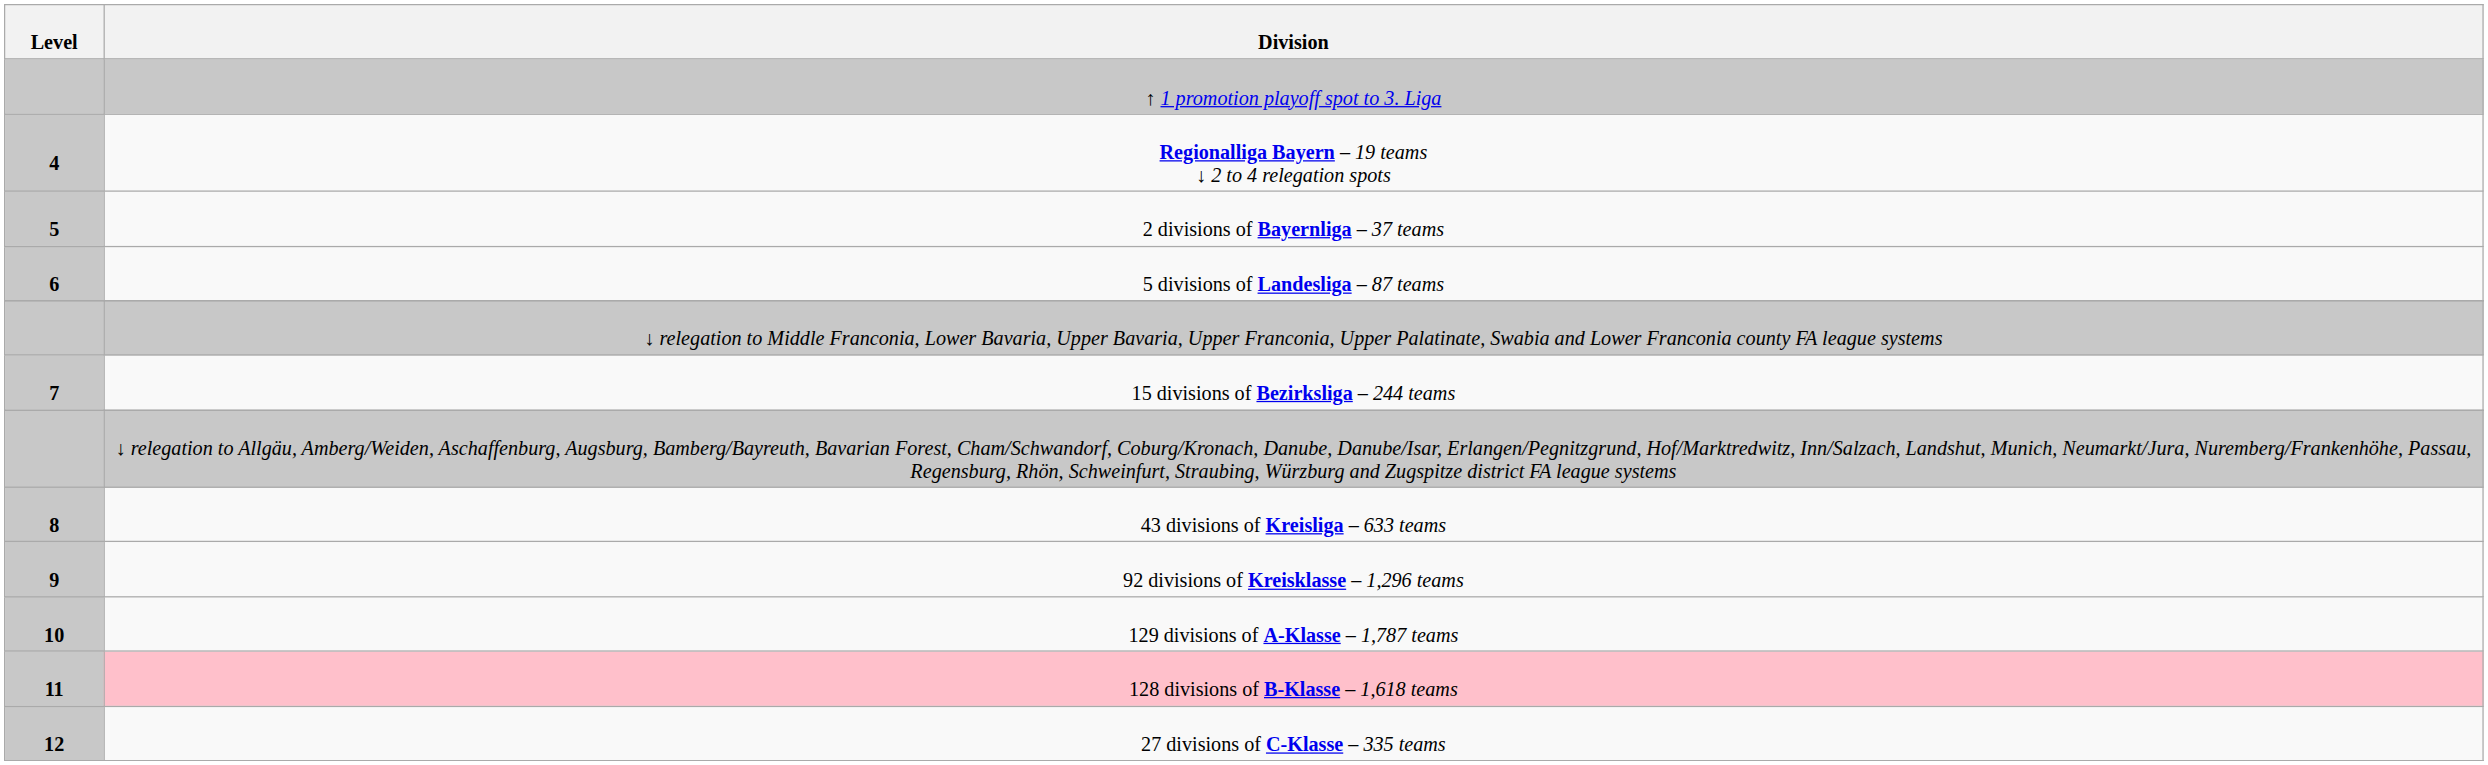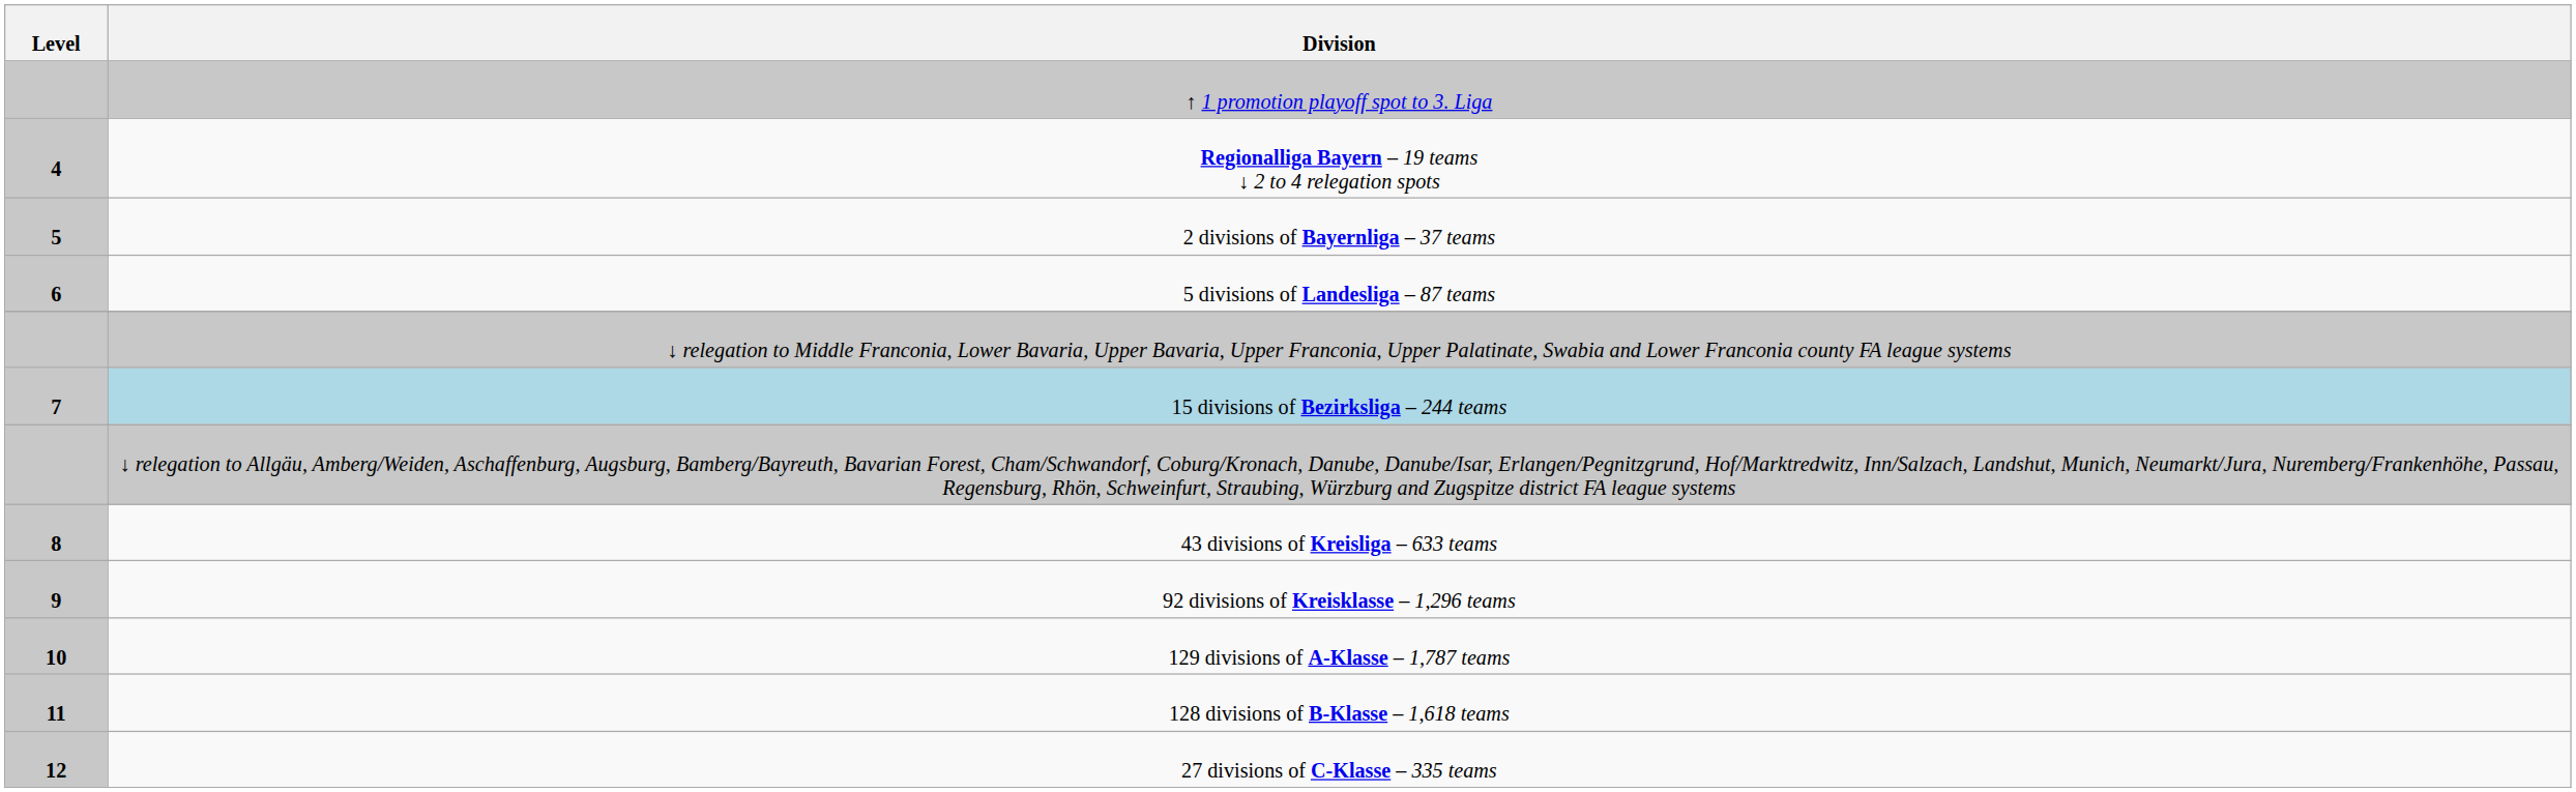 <table class="wikitable" style="text-align:center">
 <tr>
 <th colspan="1" width="4%"><br>Level</th>
 <th colspan="1"><br>Division</th>
 </tr>
 <tr style="background:#c8c8c8">
 <td colspan="1"></td>
 <td colspan="1"><br><em>↑ <a href='#'>1 promotion playoff spot to 3. Liga</a></em></td>
 </tr>
 <tr>
 <td colspan="1" style="background:#c8c8c8"><br><strong>4</strong></td>
 <td colspan="1"><br><strong><a href='#'>Regionalliga Bayern</a></strong> – <em>19 teams<br>↓ 2 to 4 relegation spots</em></td>
 </tr>
 <tr>
 <td colspan="1" style="background:#c8c8c8"><br><strong>5</strong></td>
 <td colspan="1"><br>2 divisions of <strong><a href='#'>Bayernliga</a></strong> – <em>37 teams</em></td>
 </tr>
 <tr>
 <td colspan="1" style="background:#c8c8c8"><br><strong>6</strong></td>
 <td colspan="1"><br>5 divisions of <strong><a href='#'>Landesliga</a></strong> – <em>87 teams</em></td>
 </tr>
 <tr>
 </tr>
 <tr style="background:#c8c8c8">
 <td colspan="1"></td>
 <td colspan="1"><br><em>↓ relegation to Middle Franconia, Lower Bavaria, Upper Bavaria, Upper Franconia, Upper Palatinate, Swabia and Lower Franconia county FA league systems</em></td>
 </tr>
 <tr>
 <td colspan="1" style="background:#c8c8c8"><br><strong>7</strong></td>
-<td colspan="1"><br>15 divisions of <strong><a href='#'>Bezirksliga</a></strong> – <em>244 teams</em></td>
+<td colspan="1" style="background: lightblue;"><br>15 divisions of <strong><a href='#'>Bezirksliga</a></strong> – <em>244 teams</em></td>
 </tr>
 <tr>
 </tr>
 <tr style="background:#c8c8c8">
 <td colspan="1"></td>
 <td colspan="1"><br><em>↓ relegation to Allgäu, Amberg/Weiden, Aschaffenburg, Augsburg, Bamberg/Bayreuth, Bavarian Forest, Cham/Schwandorf, Coburg/Kronach, Danube, Danube/Isar, Erlangen/Pegnitzgrund, Hof/Marktredwitz, Inn/Salzach, Landshut, Munich, Neumarkt/Jura, Nuremberg/Frankenhöhe, Passau, Regensburg, Rhön, Schweinfurt, Straubing, Würzburg and Zugspitze district FA league systems</em></td>
 </tr>
 <tr>
 <td colspan="1" style="background:#c8c8c8"><br><strong>8</strong></td>
 <td colspan="1"><br>43 divisions of <strong><a href='#'>Kreisliga</a></strong> – <em>633 teams</em></td>
 </tr>
 <tr>
 <td colspan="1" style="background:#c8c8c8"><br><strong>9</strong></td>
 <td colspan="1"><br>92 divisions of <strong><a href='#'>Kreisklasse</a></strong> – <em>1,296 teams</em></td>
 </tr>
 <tr>
 <td colspan="1" style="background:#c8c8c8"><br><strong>10</strong></td>
 <td colspan="1"><br>129 divisions of <strong><a href='#'>A-Klasse</a></strong> – <em>1,787 teams</em></td>
 </tr>
 <tr>
 <td colspan="1" style="background:#c8c8c8"><br><strong>11</strong></td>
-<td colspan="1" style="background: pink;"><br>128 divisions of <strong><a href='#'>B-Klasse</a></strong> – <em>1,618 teams</em></td>
+<td colspan="1"><br>128 divisions of <strong><a href='#'>B-Klasse</a></strong> – <em>1,618 teams</em></td>
 </tr>
 <tr>
 <td colspan="1" style="background:#c8c8c8"><br><strong>12</strong></td>
 <td colspan="1"><br>27 divisions of <strong><a href='#'>C-Klasse</a></strong> – <em>335 teams</em></td>
 </tr>
 <tr>
 </tr>
 </table>
